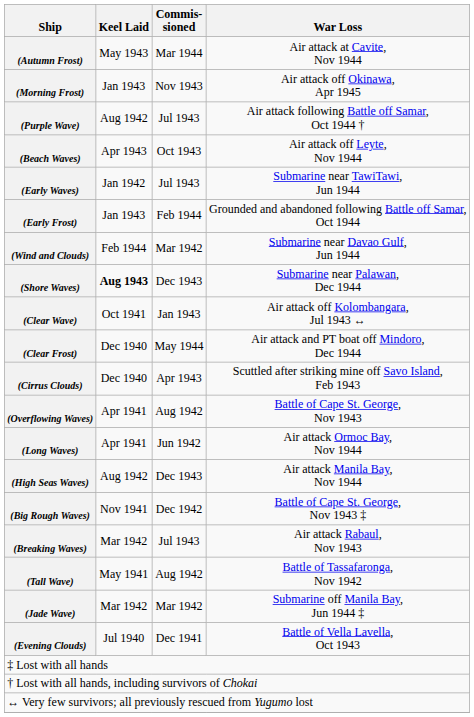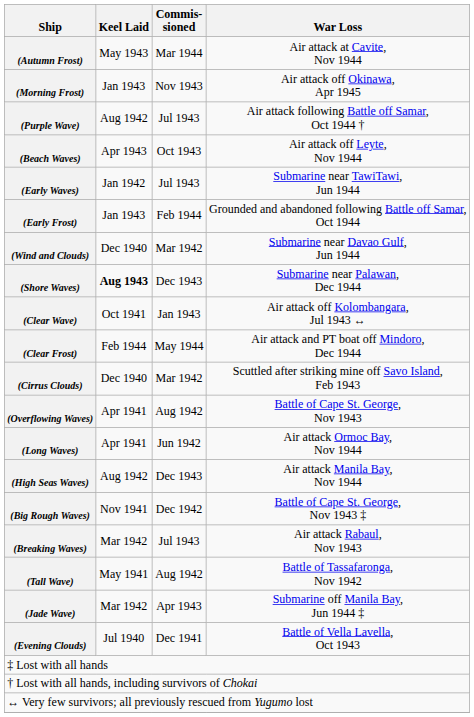 <table class="wikitable plainrowheaders" style="text-align: center;">
 <tr valign="bottom">
 <th scope="col">Ship</th>
 <th scope="col">Keel Laid</th>
 <th scope="col">Commis-<br>sioned</th>
 <th scope="col">War Loss</th>
 </tr>
 <tr>
 <th><br><small><em>(Autumn Frost)</em></small></th>
 <td>May 1943</td>
 <td>Mar 1944</td>
 <td>Air attack at <a href='#'>Cavite</a>,<br>Nov 1944</td>
 </tr>
 <tr>
 <th><br><small><em>(Morning Frost)</em></small></th>
 <td>Jan 1943</td>
 <td>Nov 1943</td>
 <td>Air attack off <a href='#'>Okinawa</a>,<br>Apr 1945</td>
 </tr>
 <tr>
 <th><br><small><em>(Purple Wave)</em></small></th>
 <td>Aug 1942</td>
 <td>Jul 1943</td>
 <td>Air attack following <a href='#'>Battle off Samar</a>,<br>Oct 1944 †</td>
 </tr>
 <tr>
 <th><br><small><em>(Beach Waves)</em></small></th>
 <td>Apr 1943</td>
 <td>Oct 1943</td>
 <td>Air attack off <a href='#'>Leyte</a>,<br>Nov 1944</td>
 </tr>
 <tr>
 <th><br><small><em>(Early Waves)</em></small></th>
 <td>Jan 1942</td>
 <td>Jul 1943</td>
 <td><a href='#'>Submarine</a> near <a href='#'>TawiTawi</a>,<br>Jun 1944</td>
 </tr>
 <tr>
 <th><br><small><em>(Early Frost)</em></small></th>
 <td>Jan 1943</td>
 <td>Feb 1944</td>
 <td>Grounded and abandoned following <a href='#'>Battle off Samar</a>,<br>Oct 1944</td>
 </tr>
 <tr>
 <th><br><small><em>(Wind and Clouds)</em></small></th>
-<td>Feb 1944</td>
+<td>Dec 1940</td>
 <td>Mar 1942</td>
 <td><a href='#'>Submarine</a> near <a href='#'>Davao Gulf</a>,<br>Jun 1944</td>
 </tr>
 <tr>
 <th><br><small><em>(Shore Waves)</em></small></th>
 <td><strong>Aug 1943</strong></td>
 <td>Dec 1943</td>
 <td><a href='#'>Submarine</a> near <a href='#'>Palawan</a>,<br>Dec 1944</td>
 </tr>
 <tr>
 <th><br><small><em>(Clear Wave)</em></small></th>
 <td>Oct 1941</td>
 <td>Jan 1943</td>
 <td>Air attack off <a href='#'>Kolombangara</a>,<br>Jul 1943 ↔</td>
 </tr>
 <tr>
 <th><br><small><em>(Clear Frost)</em></small></th>
-<td>Dec 1940</td>
+<td>Feb 1944</td>
 <td>May 1944</td>
 <td>Air attack and PT boat off <a href='#'>Mindoro</a>,<br>Dec 1944</td>
 </tr>
 <tr>
 <th><br><small><em>(Cirrus Clouds)</em></small></th>
 <td>Dec 1940</td>
-<td>Apr 1943</td>
+<td>Mar 1942</td>
 <td>Scuttled after striking mine off <a href='#'>Savo Island</a>,<br>Feb 1943</td>
 </tr>
 <tr>
 <th><br><small><em>(Overflowing Waves)</em></small></th>
 <td>Apr 1941</td>
 <td>Aug 1942</td>
 <td><a href='#'>Battle of Cape St. George</a>,<br>Nov 1943</td>
 </tr>
 <tr>
 <th><br><small><em>(Long Waves)</em></small></th>
 <td>Apr 1941</td>
 <td>Jun 1942</td>
 <td>Air attack <a href='#'>Ormoc Bay</a>,<br>Nov 1944</td>
 </tr>
 <tr>
 <th><br><small><em>(High Seas Waves)</em></small></th>
 <td>Aug 1942</td>
 <td>Dec 1943</td>
 <td>Air attack <a href='#'>Manila Bay</a>,<br>Nov 1944</td>
 </tr>
 <tr>
 <th><br><small><em>(Big Rough Waves)</em></small></th>
 <td>Nov 1941</td>
 <td>Dec 1942</td>
 <td><a href='#'>Battle of Cape St. George</a>,<br>Nov 1943 ‡</td>
 </tr>
 <tr>
 <th><br><small><em>(Breaking Waves)</em></small></th>
 <td>Mar 1942</td>
 <td>Jul 1943</td>
 <td>Air attack <a href='#'>Rabaul</a>,<br>Nov 1943</td>
 </tr>
 <tr>
 <th><br><small><em>(Tall Wave)</em></small></th>
 <td>May 1941</td>
 <td>Aug 1942</td>
 <td><a href='#'>Battle of Tassafaronga</a>,<br>Nov 1942</td>
 </tr>
 <tr>
 <th><br><small><em>(Jade Wave)</em></small></th>
 <td>Mar 1942</td>
-<td>Mar 1942</td>
+<td>Apr 1943</td>
 <td><a href='#'>Submarine</a> off <a href='#'>Manila Bay</a>,<br>Jun 1944 ‡</td>
 </tr>
 <tr>
 <th><br><small><em>(Evening Clouds)</em></small></th>
 <td>Jul 1940</td>
 <td>Dec 1941</td>
 <td><a href='#'>Battle of Vella Lavella</a>,<br>Oct 1943</td>
 </tr>
 <tr>
 <td colspan=5 style="text-align:left">‡ Lost with all hands</td>
 </tr>
 <tr>
 <td colspan=5 style="text-align:left">† Lost with all hands, including survivors of <em>Chokai</em></td>
 </tr>
 <tr>
 <td colspan=5 style="text-align:left">↔ Very few survivors; all previously rescued from <em>Yugumo</em> lost</td>
 </tr>
 <tr>
 </tr>
 </table>
